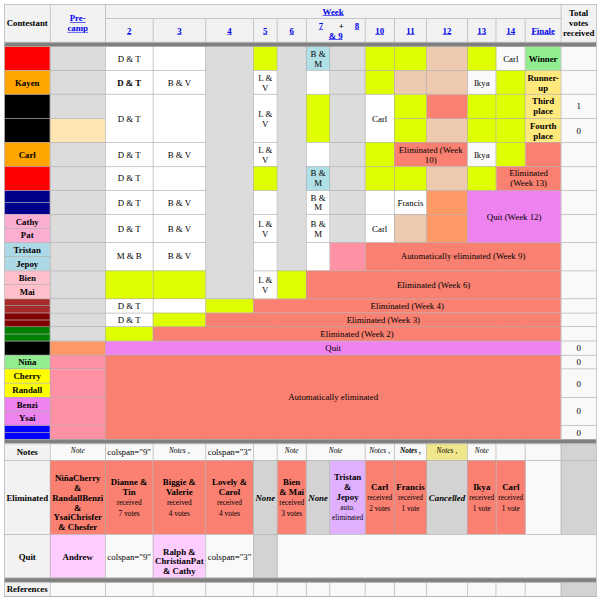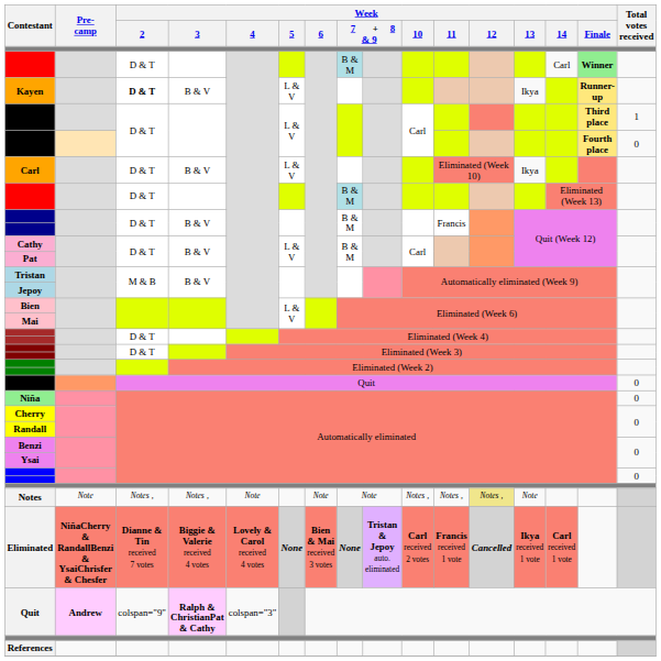 <table class="wikitable" style="text-align:center; line-height:16px; font-size:89%;" width="100%">
 <tr>
 <th scope="col" width="06%" rowspan="02">Contestant</th>
 <th scope="col" width="06%" rowspan="02"><a href='#'>Pre-<br>camp</a></th>
 <th scope="col" width="84%" colspan="13"><a href='#'>Week</a></th>
 <th scope="col" width="04%" rowspan="02">Total votes<br>received</th>
 </tr>
 <tr>
 <th width="06%"><a href='#'>2</a></th>
 <th width="06%"><a href='#'>3</a></th>
 <th width="06%"><a href='#'>4</a></th>
 <th width="06%"><a href='#'>5</a></th>
 <th width="06%"><a href='#'>6</a></th>
 <th width="12%" colspan="2">   <a href='#'>7</a>       +     <a href='#'>8 & 9</a></th>
 <th width="06%"><a href='#'>10</a></th>
 <th width="06%"><a href='#'>11</a></th>
 <th width="06%"><a href='#'>12</a></th>
 <th width="06%"><a href='#'>13</a></th>
 <th width="06%"><a href='#'>14</a></th>
 <th width="06%"><a href='#'>Finale</a></th>
 </tr>
 <tr>
 <td style="background:grey;" colspan="16"></td>
 </tr>
 <tr>
 <th style="background:red;" scope="row"></th>
 <td style="background:#DCDCDC;"></td>
 <td style="background:white;">D & T</td>
 <td style="background:white;"><strong></strong></td>
 <td style="background:#DCDCDC;" rowspan="14"></td>
 <td style="background:#DFFF00;"><strong></strong></td>
 <td style="background:#DCDCDC;" rowspan="12" width="06%"></td>
 <td style="background:#B0E0E6;">B & M</td>
 <td style="background:#DCDCDC;"></td>
 <td style="background:#DFFF00;"><strong></strong></td>
 <td style="background:#DFFF00;"><strong></strong></td>
 <td style="background:#EDC9AF;"><strong></strong></td>
 <td style="background:#DFFF00;"><strong></strong></td>
 <td>Carl</td>
 <th style="background:lightgreen;">Winner</th>
 <td></td>
 </tr>
 <tr>
 <th style="background:orange;" scope="row">Kayen</th>
 <td style="background:#DCDCDC;"></td>
 <td style="background:white;"><strong>D & T</strong></td>
 <td style="background:white;">B & V</td>
 <td style="background:white;">L & V</td>
 <td style="background:white;"><strong></strong></td>
 <td style="background:#DCDCDC;"></td>
 <td style="background:#DFFF00;"><strong></strong></td>
 <td style="background:#EDC9AF;"><strong></strong></td>
 <td style="background:#EDC9AF;"><strong></strong></td>
 <td>Ikya</td>
 <td style="background:#DFFF00;"><strong></strong></td>
 <th style="background:#FFE87C;">Runner-up</th>
 <td></td>
 </tr>
 <tr>
 <th style="background:black;" scope="row"></th>
 <td style="background:#DCDCDC;"></td>
 <td style="background:white;" rowspan="2">D & T</td>
 <td style="background:white;" rowspan="2"><strong></strong></td>
 <td style="background:white;" rowspan="2">L & V</td>
 <td style="background:#DFFF00;" rowspan="2"><strong></strong></td>
 <td style="background:#DCDCDC;" rowspan="2"></td>
 <td style="background:white;" rowspan="2">Carl</td>
 <td style="background:#DFFF00;"><strong></strong></td>
 <td style="background:#FA8072;"></td>
 <td style="background:#DFFF00;"><strong></strong></td>
 <td style="background:#DFFF00;"><strong></strong></td>
 <th style="background:#FFE87C;">Third place</th>
 <td>1</td>
 </tr>
 <tr>
 <th style="background:black;" scope="row"></th>
 <td style="background:#FFE5B4;"></td>
 <td style="background:#DFFF00;"><strong></strong></td>
 <td style="background:#EDC9AF;"><strong></strong></td>
 <td style="background:#DFFF00;"><strong></strong></td>
 <td style="background:#DFFF00;"><strong></strong></td>
 <th style="background:#FFE87C;">Fourth place</th>
 <td>0</td>
 </tr>
 <tr>
 <th style="background:orange;" scope="row">Carl</th>
 <td style="background:#DCDCDC;"></td>
 <td style="background:white;">D & T</td>
 <td style="background:white;">B & V</td>
 <td style="background:white;">L & V</td>
 <td style="background:white;"><strong></strong></td>
 <td style="background:#DCDCDC;" width="06%"></td>
 <td style="background:#DFFF00;"><strong></strong></td>
 <td style="background:#FA8072;" colspan="2">Eliminated (Week 10)</td>
 <td>Ikya</td>
 <td style="background:#DFFF00;"><strong></strong></td>
 <td style="background:#FA8072;"></td>
 <td></td>
 </tr>
 <tr>
 <th style="background:red;" scope="row"></th>
 <td style="background:#DCDCDC;"></td>
 <td style="background:white;">D & T</td>
 <td style="background:white;"><strong></strong></td>
 <td style="background:#DFFF00;"><strong></strong></td>
 <td style="background:#B0E0E6;">B & M</td>
 <td style="background:#DCDCDC;"></td>
 <td style="background:#DFFF00;"><strong></strong></td>
 <td style="background:#DFFF00;"><strong></strong></td>
 <td style="background:#EDC9AF;"><strong></strong></td>
 <td style="background:#DFFF00;"><strong></strong></td>
 <td style="background:#FA8072;" colspan="2">Eliminated (Week 13)</td>
 <td></td>
 </tr>
 <tr>
 <th style="background:#00008B;" scope="row"></th>
 <td style="background:#DCDCDC;" rowspan="2"></td>
 <td style="background:white;" rowspan="2">D & T</td>
 <td style="background:white;" rowspan="2">B & V</td>
 <td style="background:white;" rowspan="2"><strong></strong></td>
 <td style="background:white;" rowspan="2">B & M</td>
 <td style="background:#DCDCDC;" rowspan="2"></td>
 <td style="background:white;" rowspan="2"><strong></strong></td>
 <td style="background:white;" rowspan="2">Francis</td>
 <td style="background:#FF9966" rowspan="2"><strong></strong></td>
 <td style="background:#EE82EE;" rowspan="4" colspan="3">Quit (Week 12)</td>
 <td rowspan="2"></td>
 </tr>
 <tr>
 <th style="background:#00008B;" scope="row"></th>
 </tr>
 <tr>
 <th style="background:#FBAED2;" scope="row">Cathy</th>
 <td style="background:#DCDCDC;" rowspan="2"></td>
 <td style="background:white;" rowspan="2">D & T</td>
 <td style="background:white;" rowspan="2">B & V</td>
 <td style="background:white;" rowspan="2">L & V</td>
 <td style="background:white;" rowspan="2">B & M</td>
 <td style="background:#DCDCDC;" rowspan="2"></td>
 <td style="background:white;" rowspan="2">Carl</td>
 <td style="background:#EDC9AF;" rowspan="2"><strong></strong></td>
 <td style="background:#FF9966" rowspan="2"><strong></strong></td>
 <td rowspan="2"></td>
 </tr>
 <tr>
 <th style="background:#FBAED2;" scope="row">Pat</th>
 </tr>
 <tr>
 <th style="background:lightblue;" scope="row">Tristan</th>
 <td style="background:#DCDCDC;" rowspan="2"></td>
 <td style="background:white;" rowspan="2">M & B</td>
 <td style="background:white;" rowspan="2">B & V</td>
 <td style="background:white;" rowspan="2"><strong></strong></td>
 <td style="background:white;" rowspan="2"><strong></strong></td>
 <td style="background:#FF91A4;" rowspan="2"></td>
 <td style="background:#FA8072;" rowspan="2" colspan="6">Automatically eliminated (Week 9)</td>
 <td rowspan="2"></td>
 </tr>
 <tr>
 <th style="background:lightblue;" scope="row">Jepoy</th>
 </tr>
 <tr>
 <th style="background:pink;" scope="row">Bien</th>
 <td style="background:#DCDCDC;" rowspan="2"></td>
 <td style="background:#DFFF00;" rowspan="2"><strong></strong></td>
 <td style="background:#DFFF00;" rowspan="2"><strong></strong></td>
 <td style="background:white;" rowspan="2">L & V</td>
 <td style="background:#DFFF00;" rowspan="2"><strong></strong></td>
 <td style="background:#FA8072;" rowspan="2" colspan="8">Eliminated (Week 6)</td>
 <td rowspan="2"></td>
 </tr>
 <tr>
 <th style="background:pink;" scope="row">Mai</th>
 </tr>
 <tr>
 <th style="background:brown;" scope="row"></th>
 <td style="background:#DCDCDC;" rowspan="2"></td>
 <td style="background:white;" rowspan="2">D & T</td>
 <td rowspan="2" style="background:white;"><strong></strong></td>
 <td style="background:#DFFF00;" rowspan="2"><strong></strong></td>
 <td style="background:#FA8072;" rowspan="2" colspan="10">Eliminated (Week 4)</td>
 <td rowspan="2"></td>
 </tr>
 <tr>
 <th style="background:brown;" scope="row"></th>
 </tr>
 <tr>
 <th style="background:maroon;" scope="row"></th>
 <td style="background:#DCDCDC;" rowspan="2"></td>
 <td style="background:white;" rowspan="2">D & T</td>
 <td style="background:#DFFF00;" rowspan="2"><strong></strong></td>
 <td style="background:#FA8072;" rowspan="2" colspan="11">Eliminated (Week 3)</td>
 <td rowspan="2"></td>
 </tr>
 <tr>
 <th style="background:maroon;" scope="row"></th>
 </tr>
 <tr>
 <th scope="row" style="background:green;"></th>
 <td style="background:#DCDCDC;" rowspan="2"></td>
 <td style="background:#DFFF00;" rowspan="2"><strong></strong></td>
 <td style="background:#FA8072;" rowspan="2" colspan="12">Eliminated (Week 2)</td>
 <td rowspan="2"></td>
 </tr>
 <tr>
 <th scope="row" style="background:green;"></th>
 </tr>
 <tr>
 <th style="background:black;" scope="row"></th>
 <td style="background:#FF9966;"></td>
 <td style="background:#EE82EE;" colspan="13">Quit</td>
 <td>0</td>
 </tr>
 <tr>
 <th style="background:#90EE90;" scope="row">Niña</th>
 <td style="background:#FF91A4;"></td>
 <td style="background:#FA8072;" rowspan="7" colspan="13">Automatically eliminated</td>
 <td>0</td>
 </tr>
 <tr>
 <th style="background:yellow;" scope="row">Cherry</th>
 <td style="background:#FF91A4;" rowspan="2"></td>
 <td rowspan="2">0</td>
 </tr>
 <tr>
 <th style="background:yellow;" scope="row">Randall</th>
 </tr>
 <tr>
 <th style="background:violet;" scope="row">Benzi</th>
 <td style="background:#FF91A4;" rowspan="2"></td>
 <td rowspan="2">0</td>
 </tr>
 <tr>
 <th style="background:violet;" scope="row">Ysai</th>
 </tr>
 <tr>
 <th style="background:blue;" scope="row"></th>
 <td style="background:#FF91A4;" rowspan="2"></td>
 <td rowspan="2">0</td>
 </tr>
 <tr>
 <th style="background:blue;" scope="row"></th>
 </tr>
 <tr>
 <td style="background:grey;" colspan="16"></td>
 </tr>
 <tr>
 <th scope="row">Notes</th>
 <td><sup><em>Note</em></sup> </td>
-<td>colspan="9" </td>
 <td><sup><em>Notes</em></sup> <sup><em>,</em></sup></td>
-<td>colspan="3" </td>
+<td><sup><em>Notes</em></sup> <sup><em>,</em></sup></td>
+<td><sup><em>Note</em></sup> </td>
 <td></td>
 <td><sup><em>Note</em></sup> </td>
 <td colspan="2"><sup><em>Note</em></sup> </td>
 <td><sup><em>Notes</em></sup> <sup><em>,</em></sup></td>
-<td><strong><sup><em>Notes</em></sup> <sup><em>,</em></sup></strong></td>
+<td><sup><em>Notes</em></sup> <sup><em>,</em></sup></td>
 <td style="background: khaki;"><sup><em>Notes</em></sup> <sup><em>,</em></sup></td>
 <td><sup><em>Note</em></sup> </td>
 <td></td>
 <td></td>
 <td style="background:lightgrey;"></td>
 </tr>
 <tr>
 <th scope="row">Eliminated</th>
 <td style="background:#FA8072;"><br><strong>Niña</strong><strong>Cherry & Randall</strong><strong>Benzi & Ysai</strong><strong>Chrisfer & Chesfer</strong></td>
 <td style="background:#FA8072;"><strong>Dianne & Tin</strong><br><small>received<br>7 votes</small></td>
 <td style="background:#FA8072;"><strong>Biggie & Valerie</strong><br><small>received<br>4 votes</small></td>
 <td style="background:#FA8072;"><strong>Lovely & Carol</strong><br><small>received<br>4 votes</small></td>
 <td style="background:lightgrey;"><strong><em>None</em></strong></td>
 <td style="background:#FA8072;"><strong>Bien & Mai</strong><br><small>received<br>3 votes</small></td>
 <td style="background:lightgrey;"><strong><em>None</em></strong></td>
 <td style="background:#E0B0FF;"><strong>Tristan & Jepoy</strong><br><small>auto.<br>eliminated</small></td>
 <td style="background:#FA8072;"><strong>Carl</strong><br><small>received<br>2 votes</small></td>
 <td style="background:#FA8072;"><strong>Francis</strong><br><small>received<br>1 vote</small></td>
 <td style="background:lightgrey;"><strong><em>Cancelled</em></strong></td>
 <td style="background:#FA8072;"><strong>Ikya</strong><br><small>received<br>1 vote</small></td>
 <td style="background:#FA8072;"><strong>Carl</strong><br><small>received<br>1 vote</small></td>
 <td></td>
 <td style="background:lightgrey;"></td>
 </tr>
 <tr>
 <th scope="row">Quit</th>
 <td style="background:#FFCCFF;"><strong>Andrew</strong></td>
 <td>colspan="9" </td>
 <td style="background:#FFCCFF;"><br><strong>Ralph & Christian</strong><strong>Pat & Cathy</strong></td>
 <td>colspan="3" </td>
 <td style="background:lightgrey;"></td>
 </tr>
 <tr>
 <td style="background:grey;" colspan="18"></td>
 </tr>
 <tr>
 <th scope="row">References</th>
 <td></td>
 <td></td>
 <td></td>
 <td></td>
 <td></td>
 <td></td>
 <td></td>
 <td></td>
 <td></td>
 <td></td>
 <td></td>
 <td></td>
 <td></td>
 <td></td>
 <td style="background:lightgrey;"></td>
 </tr>
 <tr>
 </tr>
 </table>
